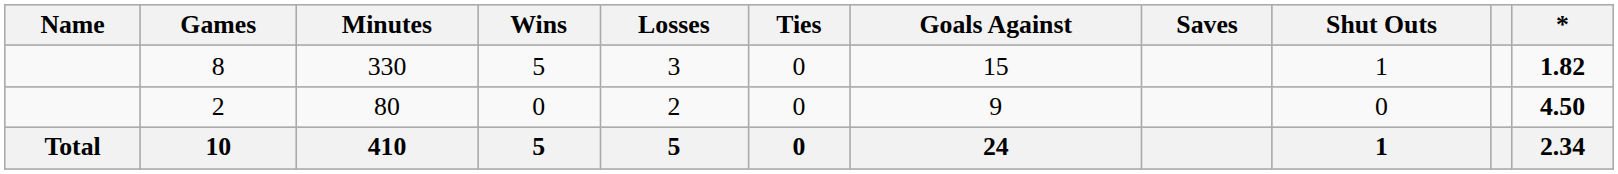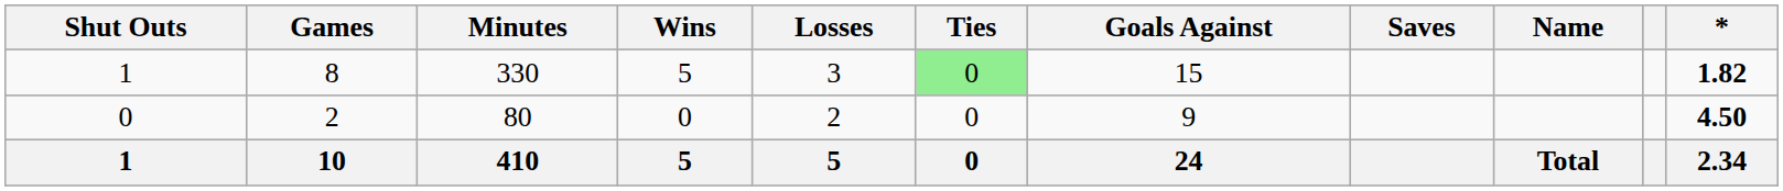 <table class="wikitable sortable" width ="1000">
 <tr align="center">
-<th><strong>Name</strong></th>
+<th><strong>Shut Outs</strong></th>
 <th><strong>Games</strong></th>
 <th><strong>Minutes</strong></th>
 <th><strong>Wins</strong></th>
 <th><strong>Losses</strong></th>
 <th><strong>Ties</strong></th>
 <th><strong>Goals Against</strong></th>
 <th><strong>Saves</strong></th>
-<th><strong>Shut Outs</strong></th>
+<th><strong>Name</strong></th>
 <th><strong><a href='#'></a></strong></th>
 <th><strong><a href='#'></a></strong>*</th>
 </tr>
 <tr align="center">
-<td></td>
+<td>1</td>
 <td>8</td>
 <td>330</td>
 <td>5</td>
 <td>3</td>
-<td>0</td>
+<td style="background: lightgreen;">0</td>
 <td>15</td>
 <td></td>
-<td>1</td>
+<td></td>
 <td></td>
 <td><strong>1.82</strong></td>
 </tr>
 <tr align="center">
-<td></td>
+<td>0</td>
 <td>2</td>
 <td>80</td>
 <td>0</td>
 <td>2</td>
 <td>0</td>
 <td>9</td>
 <td></td>
-<td>0</td>
+<td></td>
 <td></td>
 <td><strong>4.50</strong></td>
 </tr>
 <tr>
-<th>Total</th>
+<th>1</th>
 <th>10</th>
 <th>410</th>
 <th>5</th>
 <th>5</th>
 <th>0</th>
 <th>24</th>
 <th></th>
-<th>1</th>
+<th>Total</th>
 <th></th>
 <th><strong>2.34</strong></th>
 </tr>
 </table>
